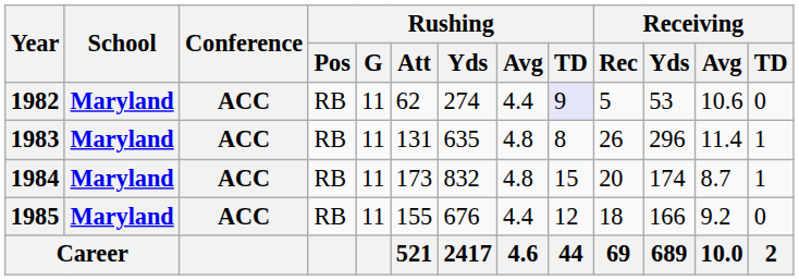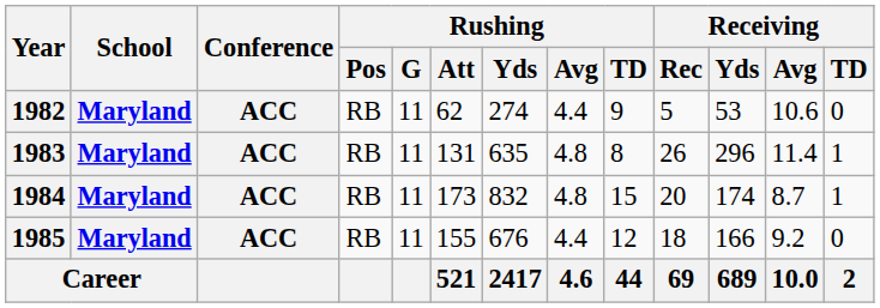 <table class="wikitable">
 <tr>
 <th rowspan="2">Year</th>
 <th rowspan="2">School</th>
 <th rowspan="2">Conference</th>
 <th colspan="6">Rushing</th>
 <th colspan="4">Receiving</th>
 </tr>
 <tr>
 <th>Pos</th>
 <th>G</th>
 <th><abbr>Att</abbr></th>
 <th>Yds</th>
 <th>Avg</th>
 <th>TD</th>
 <th>Rec</th>
 <th><abbr>Yds</abbr></th>
 <th><abbr>Avg</abbr></th>
 <th><abbr>TD</abbr></th>
 </tr>
 <tr>
 <th>1982</th>
 <th><a href='#'>Maryland</a></th>
 <th>ACC</th>
 <td>RB</td>
 <td>11</td>
 <td>62</td>
 <td>274</td>
 <td>4.4</td>
-<td style="background: lavender;">9</td>
+<td>9</td>
 <td>5</td>
 <td>53</td>
 <td>10.6</td>
 <td>0</td>
 </tr>
 <tr>
 <th>1983</th>
 <th><a href='#'>Maryland</a></th>
 <th>ACC</th>
 <td>RB</td>
 <td>11</td>
 <td>131</td>
 <td>635</td>
 <td>4.8</td>
 <td>8</td>
 <td>26</td>
 <td>296</td>
 <td>11.4</td>
 <td>1</td>
 </tr>
 <tr>
 <th>1984</th>
 <th><a href='#'>Maryland</a></th>
 <th>ACC</th>
 <td>RB</td>
 <td>11</td>
 <td>173</td>
 <td>832</td>
 <td>4.8</td>
 <td>15</td>
 <td>20</td>
 <td>174</td>
 <td>8.7</td>
 <td>1</td>
 </tr>
 <tr>
 <th>1985</th>
 <th><a href='#'>Maryland</a></th>
 <th>ACC</th>
 <td>RB</td>
 <td>11</td>
 <td>155</td>
 <td>676</td>
 <td>4.4</td>
 <td>12</td>
 <td>18</td>
 <td>166</td>
 <td>9.2</td>
 <td>0</td>
 </tr>
 <tr>
 <th colspan="2">Career</th>
 <th></th>
 <th></th>
 <th></th>
 <th>521</th>
 <th>2417</th>
 <th>4.6</th>
 <th>44</th>
 <th>69</th>
 <th>689</th>
 <th>10.0</th>
 <th>2</th>
 </tr>
 </table>
